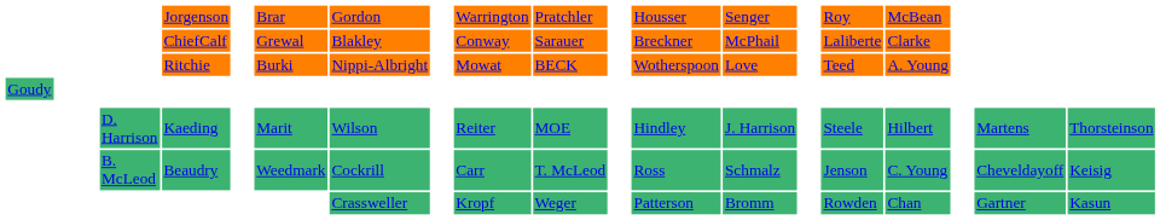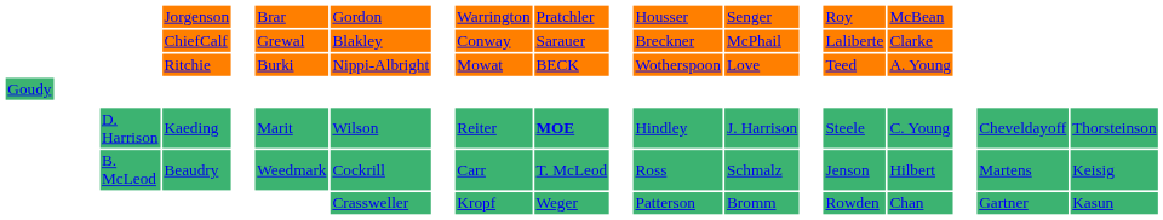 <table cellpadding=2>
 <tr>
 <td></td>
 <td style="width:1em"></td>
 <td style="width:1em"></td>
 <td style="width:1em"></td>
 <td bgcolor=FF7F00><a href='#'>Jorgenson</a></td>
 <td style="width:1em"></td>
 <td bgcolor=FF7F00><a href='#'>Brar</a></td>
 <td bgcolor=FF7F00><a href='#'>Gordon</a></td>
 <td style="width:1em"></td>
 <td bgcolor=FF7F00><a href='#'>Warrington</a></td>
 <td bgcolor=FF7F00><a href='#'>Pratchler</a></td>
 <td style="width:1em"></td>
 <td bgcolor=FF7F00><a href='#'>Housser</a></td>
 <td bgcolor=FF7F00><a href='#'>Senger</a></td>
 <td style="width:1em"></td>
 <td bgcolor=FF7F00><a href='#'>Roy</a></td>
 <td bgcolor=FF7F00><a href='#'>McBean</a></td>
 <td style="width:1em"></td>
 <td style="width:1em"></td>
 <td style="width:1em"></td>
 </tr>
 <tr>
 <td></td>
 <td style="width:1em"></td>
 <td style="width:1em"></td>
 <td style="width:1em"></td>
 <td bgcolor=FF7F00><a href='#'>ChiefCalf</a></td>
 <td style="width:1em"></td>
 <td bgcolor=FF7F00><a href='#'>Grewal</a></td>
 <td bgcolor=FF7F00><a href='#'>Blakley</a></td>
 <td style="width:1em"></td>
 <td bgcolor=FF7F00><a href='#'>Conway</a></td>
 <td bgcolor=FF7F00><a href='#'>Sarauer</a></td>
 <td style="width:1em"></td>
 <td bgcolor=FF7F00><a href='#'>Breckner</a></td>
 <td bgcolor=FF7F00><a href='#'>McPhail</a></td>
 <td style="width:1em"></td>
 <td bgcolor=FF7F00><a href='#'>Laliberte</a></td>
 <td bgcolor=FF7F00><a href='#'>Clarke</a></td>
 <td style="width:1em"></td>
 <td style="width:1em"></td>
 <td style="width:1em"></td>
 </tr>
 <tr>
 <td></td>
 <td style="width:1em"></td>
 <td style="width:1em"></td>
 <td style="width:1em"></td>
 <td bgcolor=FF7F00><a href='#'>Ritchie</a></td>
 <td style="width:1em"></td>
 <td bgcolor=FF7F00><a href='#'>Burki</a></td>
 <td bgcolor=FF7F00><a href='#'>Nippi-Albright</a></td>
 <td style="width:1em"></td>
 <td bgcolor=FF7F00><a href='#'>Mowat</a></td>
 <td bgcolor=FF7F00><a href='#'>BECK</a></td>
 <td style="width:1em"></td>
 <td bgcolor=FF7F00><a href='#'>Wotherspoon</a></td>
 <td bgcolor=FF7F00><a href='#'>Love</a></td>
 <td style="width:1em"></td>
 <td bgcolor=FF7F00><a href='#'>Teed</a></td>
 <td bgcolor=FF7F00><a href='#'>A. Young</a></td>
 <td style="width:1em"></td>
 <td style="width:1em"></td>
 <td style="width:1em"></td>
 </tr>
 <tr>
 <td bgcolor=mediumseagreen><a href='#'>Goudy</a></td>
 </tr>
 <tr>
 <td style="width:1em"></td>
 <td style="width:1em"></td>
 </tr>
 <tr>
 <td style="width:1em"></td>
 <td style="width:1em"></td>
 <td style="width:1em"></td>
 <td bgcolor=mediumseagreen><a href='#'>D. Harrison</a></td>
 <td bgcolor=mediumseagreen><a href='#'>Kaeding</a></td>
 <td style="width:1em"></td>
 <td bgcolor=mediumseagreen><a href='#'>Marit</a></td>
 <td bgcolor=mediumseagreen><a href='#'>Wilson</a></td>
 <td style="width:1em"></td>
 <td bgcolor=mediumseagreen><a href='#'>Reiter</a></td>
-<td bgcolor=mediumseagreen><a href='#'>MOE</a></td>
+<td bgcolor=mediumseagreen><strong><a href='#'>MOE</a></strong></td>
 <td style="width:1em"></td>
 <td bgcolor=mediumseagreen><a href='#'>Hindley</a></td>
 <td bgcolor=mediumseagreen><a href='#'>J. Harrison</a></td>
 <td style="width:1em"></td>
 <td bgcolor=mediumseagreen><a href='#'>Steele</a></td>
-<td bgcolor=mediumseagreen><a href='#'>Hilbert</a></td>
+<td bgcolor=mediumseagreen><a href='#'>C. Young</a></td>
 <td style="width:1em'"></td>
-<td bgcolor=mediumseagreen><a href='#'>Martens</a></td>
+<td bgcolor=mediumseagreen><a href='#'>Cheveldayoff</a></td>
 <td bgcolor=mediumseagreen><a href='#'>Thorsteinson</a></td>
 </tr>
 <tr>
 <td style="width:1em"></td>
 <td style="width:1em"></td>
 <td style="width:1em"></td>
 <td bgcolor=mediumseagreen><a href='#'>B. McLeod</a></td>
 <td bgcolor=mediumseagreen><a href='#'>Beaudry</a></td>
 <td style="width:1em"></td>
 <td bgcolor=mediumseagreen><a href='#'>Weedmark</a></td>
 <td bgcolor=mediumseagreen><a href='#'>Cockrill</a></td>
 <td style="width:1em"></td>
 <td bgcolor=mediumseagreen><a href='#'>Carr</a></td>
 <td bgcolor=mediumseagreen><a href='#'>T. McLeod</a></td>
 <td style="width:1em"></td>
 <td bgcolor=mediumseagreen><a href='#'>Ross</a></td>
 <td bgcolor=mediumseagreen><a href='#'>Schmalz</a></td>
 <td style="width:1em"></td>
 <td bgcolor=mediumseagreen><a href='#'>Jenson</a></td>
-<td bgcolor=mediumseagreen><a href='#'>C. Young</a></td>
+<td bgcolor=mediumseagreen><a href='#'>Hilbert</a></td>
 <td style="width:1em"></td>
-<td bgcolor=mediumseagreen><a href='#'>Cheveldayoff</a></td>
+<td bgcolor=mediumseagreen><a href='#'>Martens</a></td>
 <td bgcolor=mediumseagreen><a href='#'>Keisig</a></td>
 </tr>
 <tr>
 <td style="width:1em"></td>
 <td style="width:1em"></td>
 <td style="width:1em"></td>
 <td style="width:1em"></td>
 <td style="width:1em"></td>
 <td style="width:1em"></td>
 <td style="width:1em"></td>
 <td bgcolor=mediumseagreen><a href='#'>Crassweller</a></td>
 <td style="width:1em"></td>
 <td bgcolor=mediumseagreen><a href='#'>Kropf</a></td>
 <td bgcolor=mediumseagreen><a href='#'>Weger</a></td>
 <td style="width:1em"></td>
 <td bgcolor=mediumseagreen><a href='#'>Patterson</a></td>
 <td bgcolor=mediumseagreen><a href='#'>Bromm</a></td>
 <td style="width:1em"></td>
 <td bgcolor=mediumseagreen><a href='#'>Rowden</a></td>
 <td bgcolor=mediumseagreen><a href='#'>Chan</a></td>
 <td style="width:1em"></td>
 <td bgcolor=mediumseagreen><a href='#'>Gartner</a></td>
 <td bgcolor=mediumseagreen><a href='#'>Kasun</a></td>
 </tr>
 </table>
